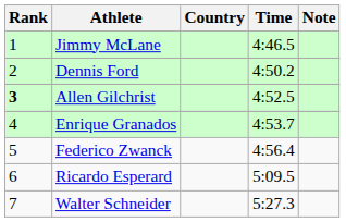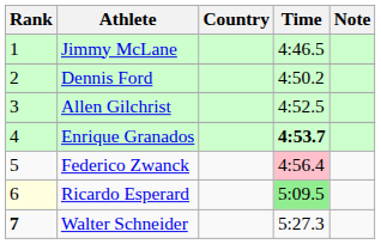 <table class="wikitable sortable">
 <tr>
 <th>Rank</th>
 <th>Athlete</th>
 <th>Country</th>
 <th>Time</th>
 <th>Note</th>
 </tr>
 <tr bgcolor=#CCFFCC>
 <td>1</td>
 <td><a href='#'>Jimmy McLane</a></td>
 <td></td>
 <td>4:46.5</td>
 <td></td>
 </tr>
 <tr>
 </tr>
 <tr bgcolor=#CCFFCC>
 <td>2</td>
 <td><a href='#'>Dennis Ford</a></td>
 <td></td>
 <td>4:50.2</td>
 <td></td>
 </tr>
 <tr>
 </tr>
 <tr bgcolor=#CCFFCC>
-<td><strong>3</strong></td>
+<td>3</td>
 <td><a href='#'>Allen Gilchrist</a></td>
 <td></td>
 <td>4:52.5</td>
 <td></td>
 </tr>
 <tr>
 </tr>
 <tr bgcolor=#CCFFCC>
 <td>4</td>
 <td><a href='#'>Enrique Granados</a></td>
 <td></td>
-<td>4:53.7</td>
+<td><strong>4:53.7</strong></td>
 <td></td>
 </tr>
 <tr>
 <td>5</td>
 <td><a href='#'>Federico Zwanck</a></td>
 <td></td>
-<td>4:56.4</td>
+<td style="background: pink;">4:56.4</td>
 <td></td>
 </tr>
 <tr>
-<td>6</td>
+<td style="background: lightyellow;">6</td>
 <td><a href='#'>Ricardo Esperard</a></td>
 <td></td>
-<td>5:09.5</td>
+<td style="background: lightgreen;">5:09.5</td>
 <td></td>
 </tr>
 <tr>
-<td>7</td>
+<td><strong>7</strong></td>
 <td><a href='#'>Walter Schneider</a></td>
 <td></td>
 <td>5:27.3</td>
 <td></td>
 </tr>
 </table>
